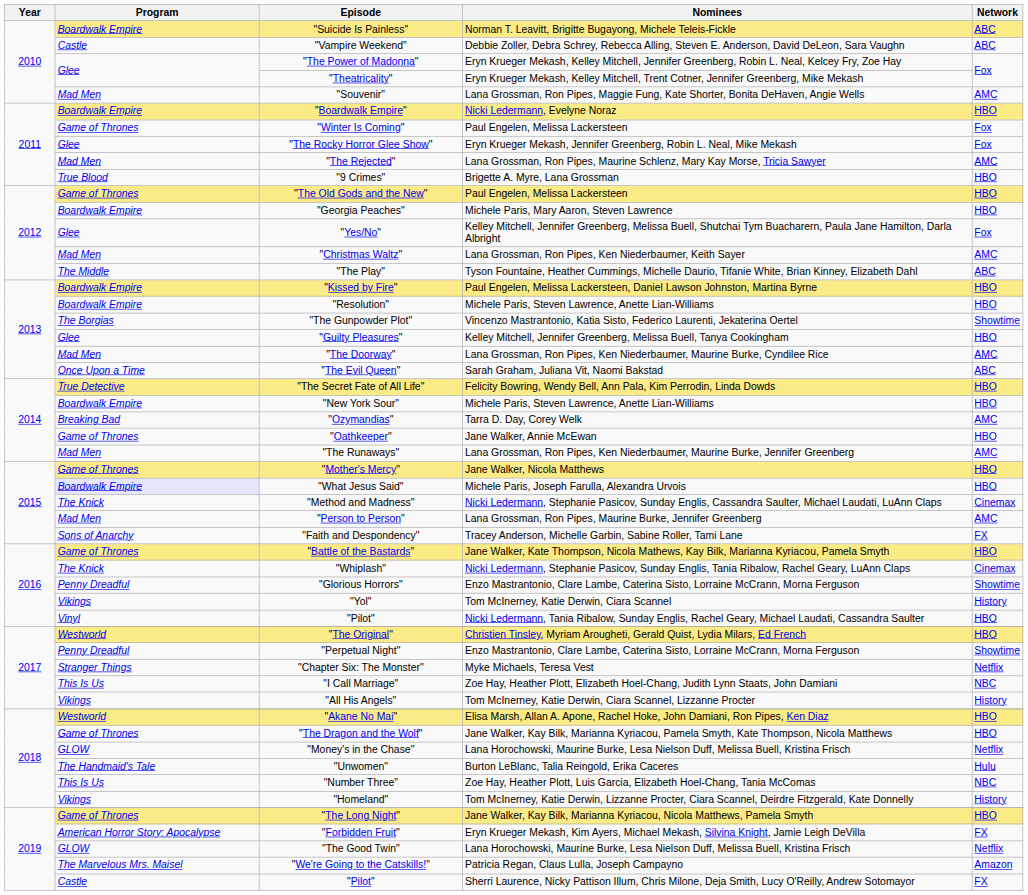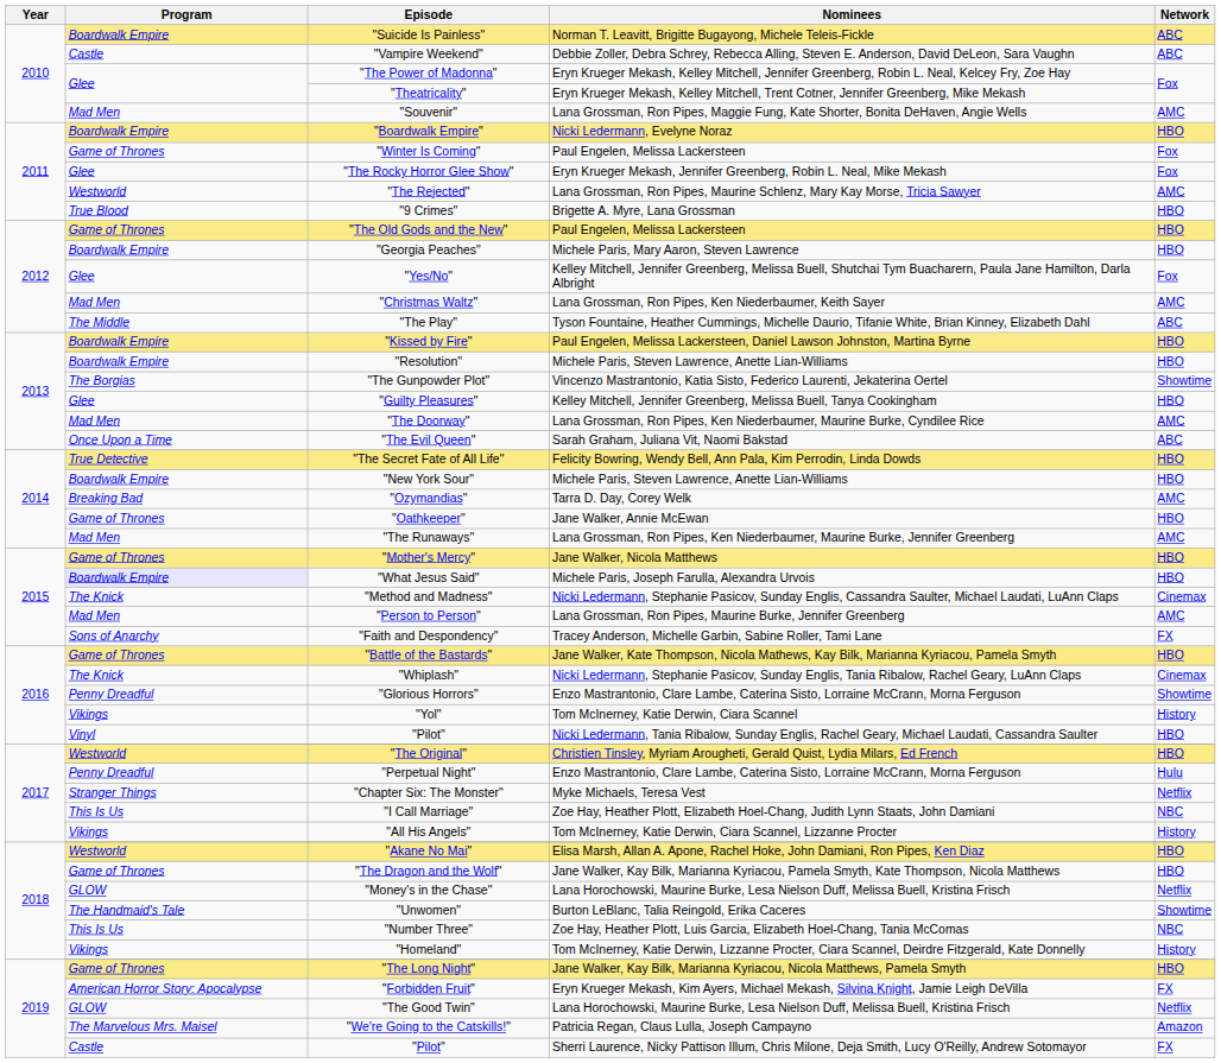 <table class="wikitable">
 <tr>
 <th width="5%">Year</th>
 <th width="20%">Program</th>
 <th width="20%">Episode</th>
 <th width="50%">Nominees</th>
 <th width="5%">Network</th>
 </tr>
 <tr>
 <td rowspan="5" style="text-align:center;"><a href='#'>2010</a><br></td>
 <td style="background:#FAEB86;"><em><a href='#'>Boardwalk Empire</a></em></td>
 <td style="background:#FAEB86;" align=center>"Suicide Is Painless"</td>
 <td style="background:#FAEB86;">Norman T. Leavitt, Brigitte Bugayong, Michele Teleis-Fickle</td>
 <td style="background:#FAEB86;"><a href='#'>ABC</a></td>
 </tr>
 <tr>
 <td><em><a href='#'>Castle</a></em></td>
 <td align=center>"Vampire Weekend"</td>
 <td>Debbie Zoller, Debra Schrey, Rebecca Alling, Steven E. Anderson, David DeLeon, Sara Vaughn</td>
 <td><a href='#'>ABC</a></td>
 </tr>
 <tr>
 <td rowspan=2><em><a href='#'>Glee</a></em></td>
 <td align=center>"<a href='#'>The Power of Madonna</a>"</td>
 <td>Eryn Krueger Mekash, Kelley Mitchell, Jennifer Greenberg, Robin L. Neal, Kelcey Fry, Zoe Hay</td>
 <td rowspan=2><a href='#'>Fox</a></td>
 </tr>
 <tr>
 <td align=center>"<a href='#'>Theatricality</a>"</td>
 <td>Eryn Krueger Mekash, Kelley Mitchell, Trent Cotner, Jennifer Greenberg, Mike Mekash</td>
 </tr>
 <tr>
 <td><em><a href='#'>Mad Men</a></em></td>
 <td align=center>"Souvenir"</td>
 <td>Lana Grossman, Ron Pipes, Maggie Fung, Kate Shorter, Bonita DeHaven, Angie Wells</td>
 <td><a href='#'>AMC</a></td>
 </tr>
 <tr>
 <td rowspan="5" style="text-align:center;"><a href='#'>2011</a><br></td>
 <td style="background:#FAEB86;"><em><a href='#'>Boardwalk Empire</a></em></td>
 <td style="background:#FAEB86;" align=center>"<a href='#'>Boardwalk Empire</a>"</td>
 <td style="background:#FAEB86;"><a href='#'>Nicki Ledermann</a>, Evelyne Noraz</td>
 <td style="background:#FAEB86;"><a href='#'>HBO</a></td>
 </tr>
 <tr>
 <td><em><a href='#'>Game of Thrones</a></em></td>
 <td align=center>"<a href='#'>Winter Is Coming</a>"</td>
 <td>Paul Engelen, Melissa Lackersteen</td>
 <td><a href='#'>Fox</a></td>
 </tr>
 <tr>
 <td><em><a href='#'>Glee</a></em></td>
 <td align=center>"<a href='#'>The Rocky Horror Glee Show</a>"</td>
 <td>Eryn Krueger Mekash, Jennifer Greenberg, Robin L. Neal, Mike Mekash</td>
 <td><a href='#'>Fox</a></td>
 </tr>
 <tr>
-<td><em><a href='#'>Mad Men</a></em></td>
+<td><em><a href='#'>Westworld</a></em></td>
 <td align=center>"<a href='#'>The Rejected</a>"</td>
 <td>Lana Grossman, Ron Pipes, Maurine Schlenz, Mary Kay Morse, <a href='#'>Tricia Sawyer</a></td>
 <td><a href='#'>AMC</a></td>
 </tr>
 <tr>
 <td><em><a href='#'>True Blood</a></em></td>
 <td align=center>"9 Crimes"</td>
 <td>Brigette A. Myre, Lana Grossman</td>
 <td><a href='#'>HBO</a></td>
 </tr>
 <tr>
 <td rowspan="5" style="text-align:center;"><a href='#'>2012</a><br></td>
 <td style="background:#FAEB86;"><em><a href='#'>Game of Thrones</a></em></td>
 <td style="background:#FAEB86;" align=center>"<a href='#'>The Old Gods and the New</a>"</td>
 <td style="background:#FAEB86;">Paul Engelen, Melissa Lackersteen</td>
 <td style="background:#FAEB86;"><a href='#'>HBO</a></td>
 </tr>
 <tr>
 <td><em><a href='#'>Boardwalk Empire</a></em></td>
 <td align=center>"Georgia Peaches"</td>
 <td>Michele Paris, Mary Aaron, Steven Lawrence</td>
 <td><a href='#'>HBO</a></td>
 </tr>
 <tr>
 <td><em><a href='#'>Glee</a></em></td>
 <td align=center>"<a href='#'>Yes/No</a>"</td>
 <td>Kelley Mitchell, Jennifer Greenberg, Melissa Buell, Shutchai Tym Buacharern, Paula Jane Hamilton, Darla Albright</td>
 <td><a href='#'>Fox</a></td>
 </tr>
 <tr>
 <td><em><a href='#'>Mad Men</a></em></td>
 <td align=center>"<a href='#'>Christmas Waltz</a>"</td>
 <td>Lana Grossman, Ron Pipes, Ken Niederbaumer, Keith Sayer</td>
 <td><a href='#'>AMC</a></td>
 </tr>
 <tr>
 <td><em><a href='#'>The Middle</a></em></td>
 <td align=center>"The Play"</td>
 <td>Tyson Fountaine, Heather Cummings, Michelle Daurio, Tifanie White, Brian Kinney, Elizabeth Dahl</td>
 <td><a href='#'>ABC</a></td>
 </tr>
 <tr>
 <td rowspan="6" style="text-align:center;"><a href='#'>2013</a><br></td>
 <td style="background:#FAEB86;"><em><a href='#'>Boardwalk Empire</a></em></td>
 <td style="background:#FAEB86;" align=center>"<a href='#'>Kissed by Fire</a>"</td>
 <td style="background:#FAEB86;">Paul Engelen, Melissa Lackersteen, Daniel Lawson Johnston, Martina Byrne</td>
 <td style="background:#FAEB86;"><a href='#'>HBO</a></td>
 </tr>
 <tr>
 <td><em><a href='#'>Boardwalk Empire</a></em></td>
 <td align=center>"Resolution"</td>
 <td>Michele Paris, Steven Lawrence, Anette Lian-Williams</td>
 <td><a href='#'>HBO</a></td>
 </tr>
 <tr>
 <td><em><a href='#'>The Borgias</a></em></td>
 <td align=center>"The Gunpowder Plot"</td>
 <td>Vincenzo Mastrantonio, Katia Sisto, Federico Laurenti, Jekaterina Oertel</td>
 <td><a href='#'>Showtime</a></td>
 </tr>
 <tr>
 <td><em><a href='#'>Glee</a></em></td>
 <td align=center>"<a href='#'>Guilty Pleasures</a>"</td>
 <td>Kelley Mitchell, Jennifer Greenberg, Melissa Buell, Tanya Cookingham</td>
 <td><a href='#'>HBO</a></td>
 </tr>
 <tr>
 <td><em><a href='#'>Mad Men</a></em></td>
 <td align=center>"<a href='#'>The Doorway</a>"</td>
 <td>Lana Grossman, Ron Pipes, Ken Niederbaumer, Maurine Burke, Cyndilee Rice</td>
 <td><a href='#'>AMC</a></td>
 </tr>
 <tr>
 <td><em><a href='#'>Once Upon a Time</a></em></td>
 <td align=center>"<a href='#'>The Evil Queen</a>"</td>
 <td>Sarah Graham, Juliana Vit, Naomi Bakstad</td>
 <td><a href='#'>ABC</a></td>
 </tr>
 <tr>
 <td rowspan="5" style="text-align:center;"><a href='#'>2014</a><br></td>
 <td style="background:#FAEB86;"><em><a href='#'>True Detective</a></em></td>
 <td style="background:#FAEB86;" align=center>"The Secret Fate of All Life"</td>
 <td style="background:#FAEB86;">Felicity Bowring, Wendy Bell, Ann Pala, Kim Perrodin, Linda Dowds</td>
 <td style="background:#FAEB86;"><a href='#'>HBO</a></td>
 </tr>
 <tr>
 <td><em><a href='#'>Boardwalk Empire</a></em></td>
 <td align=center>"New York Sour"</td>
 <td>Michele Paris, Steven Lawrence, Anette Lian-Williams</td>
 <td><a href='#'>HBO</a></td>
 </tr>
 <tr>
 <td><em><a href='#'>Breaking Bad</a></em></td>
 <td align=center>"<a href='#'>Ozymandias</a>"</td>
 <td>Tarra D. Day, Corey Welk</td>
 <td><a href='#'>AMC</a></td>
 </tr>
 <tr>
 <td><em><a href='#'>Game of Thrones</a></em></td>
 <td align=center>"<a href='#'>Oathkeeper</a>"</td>
 <td>Jane Walker, Annie McEwan</td>
 <td><a href='#'>HBO</a></td>
 </tr>
 <tr>
 <td><em><a href='#'>Mad Men</a></em></td>
 <td align=center>"The Runaways"</td>
 <td>Lana Grossman, Ron Pipes, Ken Niederbaumer, Maurine Burke, Jennifer Greenberg</td>
 <td><a href='#'>AMC</a></td>
 </tr>
 <tr>
 <td rowspan="5" style="text-align:center;"><a href='#'>2015</a><br></td>
 <td style="background:#FAEB86;"><em><a href='#'>Game of Thrones</a></em></td>
 <td style="background:#FAEB86;" align=center>"<a href='#'>Mother's Mercy</a>"</td>
 <td style="background:#FAEB86;">Jane Walker, Nicola Matthews</td>
 <td style="background:#FAEB86;"><a href='#'>HBO</a></td>
 </tr>
 <tr>
 <td style="background: lavender;"><em><a href='#'>Boardwalk Empire</a></em></td>
 <td align=center>"What Jesus Said"</td>
 <td>Michele Paris, Joseph Farulla, Alexandra Urvois</td>
 <td><a href='#'>HBO</a></td>
 </tr>
 <tr>
 <td><em><a href='#'>The Knick</a></em></td>
 <td align=center>"Method and Madness"</td>
 <td><a href='#'>Nicki Ledermann</a>, Stephanie Pasicov, Sunday Englis, Cassandra Saulter, Michael Laudati, LuAnn Claps</td>
 <td><a href='#'>Cinemax</a></td>
 </tr>
 <tr>
 <td><em><a href='#'>Mad Men</a></em></td>
 <td align=center>"<a href='#'>Person to Person</a>"</td>
 <td>Lana Grossman, Ron Pipes, Maurine Burke, Jennifer Greenberg</td>
 <td><a href='#'>AMC</a></td>
 </tr>
 <tr>
 <td><em><a href='#'>Sons of Anarchy</a></em></td>
 <td align=center>"Faith and Despondency"</td>
 <td>Tracey Anderson, Michelle Garbin, Sabine Roller, Tami Lane</td>
 <td><a href='#'>FX</a></td>
 </tr>
 <tr>
 <td rowspan="5" style="text-align:center;"><a href='#'>2016</a><br></td>
 <td style="background:#FAEB86;"><em><a href='#'>Game of Thrones</a></em></td>
 <td style="background:#FAEB86;" align=center>"<a href='#'>Battle of the Bastards</a>"</td>
 <td style="background:#FAEB86;">Jane Walker, Kate Thompson, Nicola Mathews, Kay Bilk, Marianna Kyriacou, Pamela Smyth</td>
 <td style="background:#FAEB86;"><a href='#'>HBO</a></td>
 </tr>
 <tr>
 <td><em><a href='#'>The Knick</a></em></td>
 <td align=center>"Whiplash"</td>
 <td><a href='#'>Nicki Ledermann</a>, Stephanie Pasicov, Sunday Englis, Tania Ribalow, Rachel Geary, LuAnn Claps</td>
 <td><a href='#'>Cinemax</a></td>
 </tr>
 <tr>
 <td><em><a href='#'>Penny Dreadful</a></em></td>
 <td align=center>"Glorious Horrors"</td>
 <td>Enzo Mastrantonio, Clare Lambe, Caterina Sisto, Lorraine McCrann, Morna Ferguson</td>
 <td><a href='#'>Showtime</a></td>
 </tr>
 <tr>
 <td><em><a href='#'>Vikings</a></em></td>
 <td align=center>"Yol"</td>
 <td>Tom McInerney, Katie Derwin, Ciara Scannel</td>
 <td><a href='#'>History</a></td>
 </tr>
 <tr>
 <td><em><a href='#'>Vinyl</a></em></td>
 <td align=center>"Pilot"</td>
 <td><a href='#'>Nicki Ledermann</a>, Tania Ribalow, Sunday Englis, Rachel Geary, Michael Laudati, Cassandra Saulter</td>
 <td><a href='#'>HBO</a></td>
 </tr>
 <tr>
 <td rowspan="6" style="text-align:center;"><a href='#'>2017</a><br></td>
 </tr>
 <tr style="background:#FAEB86;">
 <td><em><a href='#'>Westworld</a></em></td>
 <td align=center>"<a href='#'>The Original</a>"</td>
 <td><a href='#'>Christien Tinsley</a>, Myriam Arougheti, Gerald Quist, Lydia Milars, <a href='#'>Ed French</a></td>
 <td><a href='#'>HBO</a></td>
 </tr>
 <tr>
 <td><em><a href='#'>Penny Dreadful</a></em></td>
 <td align=center>"Perpetual Night"</td>
 <td>Enzo Mastrantonio, Clare Lambe, Caterina Sisto, Lorraine McCrann, Morna Ferguson</td>
-<td><a href='#'>Showtime</a></td>
+<td><a href='#'>Hulu</a></td>
 </tr>
 <tr>
 <td><em><a href='#'>Stranger Things</a></em></td>
 <td align=center>"Chapter Six: The Monster"</td>
 <td>Myke Michaels, Teresa Vest</td>
 <td><a href='#'>Netflix</a></td>
 </tr>
 <tr>
 <td><em><a href='#'>This Is Us</a></em></td>
 <td align=center>"I Call Marriage"</td>
 <td>Zoe Hay, Heather Plott, Elizabeth Hoel-Chang, Judith Lynn Staats, John Damiani</td>
 <td><a href='#'>NBC</a></td>
 </tr>
 <tr>
 <td><em><a href='#'>Vikings</a></em></td>
 <td align=center>"All His Angels"</td>
 <td>Tom McInerney, Katie Derwin, Ciara Scannel, Lizzanne Procter</td>
 <td><a href='#'>History</a></td>
 </tr>
 <tr>
 <td rowspan="7" style="text-align:center;"><a href='#'>2018</a><br></td>
 </tr>
 <tr style="background:#FAEB86;">
 <td><em><a href='#'>Westworld</a></em></td>
 <td align=center>"<a href='#'>Akane No Mai</a>"</td>
 <td>Elisa Marsh, Allan A. Apone, Rachel Hoke, John Damiani, Ron Pipes, <a href='#'>Ken Diaz</a></td>
 <td><a href='#'>HBO</a></td>
 </tr>
 <tr>
 <td><em><a href='#'>Game of Thrones</a></em></td>
 <td align=center>"<a href='#'>The Dragon and the Wolf</a>"</td>
 <td>Jane Walker, Kay Bilk, Marianna Kyriacou, Pamela Smyth, Kate Thompson, Nicola Matthews</td>
 <td><a href='#'>HBO</a></td>
 </tr>
 <tr>
 <td><em><a href='#'>GLOW</a></em></td>
 <td align=center>"Money's in the Chase"</td>
 <td>Lana Horochowski, Maurine Burke, Lesa Nielson Duff, Melissa Buell, Kristina Frisch</td>
 <td><a href='#'>Netflix</a></td>
 </tr>
 <tr>
 <td><em><a href='#'>The Handmaid's Tale</a></em></td>
 <td align=center>"Unwomen"</td>
 <td>Burton LeBlanc, Talia Reingold, Erika Caceres</td>
-<td><a href='#'>Hulu</a></td>
+<td><a href='#'>Showtime</a></td>
 </tr>
 <tr>
 <td><em><a href='#'>This Is Us</a></em></td>
 <td align=center>"Number Three"</td>
 <td>Zoe Hay, Heather Plott, Luis Garcia, Elizabeth Hoel-Chang, Tania McComas</td>
 <td><a href='#'>NBC</a></td>
 </tr>
 <tr>
 <td><em><a href='#'>Vikings</a></em></td>
 <td align=center>"Homeland"</td>
 <td>Tom McInerney, Katie Derwin, Lizzanne Procter, Ciara Scannel, Deirdre Fitzgerald, Kate Donnelly</td>
 <td><a href='#'>History</a></td>
 </tr>
 <tr>
 <td rowspan="6" style="text-align:center;"><a href='#'>2019</a><br></td>
 </tr>
 <tr style="background:#FAEB86;">
 <td><em><a href='#'>Game of Thrones</a></em></td>
 <td align=center>"<a href='#'>The Long Night</a>"</td>
 <td>Jane Walker, Kay Bilk, Marianna Kyriacou, Nicola Matthews, Pamela Smyth</td>
 <td><a href='#'>HBO</a></td>
 </tr>
 <tr>
 <td><em><a href='#'>American Horror Story: Apocalypse</a></em></td>
 <td align=center>"<a href='#'>Forbidden Fruit</a>"</td>
 <td>Eryn Krueger Mekash, Kim Ayers, Michael Mekash, <a href='#'>Silvina Knight</a>, Jamie Leigh DeVilla</td>
 <td><a href='#'>FX</a></td>
 </tr>
 <tr>
 <td><em><a href='#'>GLOW</a></em></td>
 <td align=center>"The Good Twin"</td>
 <td>Lana Horochowski, Maurine Burke, Lesa Nielson Duff, Melissa Buell, Kristina Frisch</td>
 <td><a href='#'>Netflix</a></td>
 </tr>
 <tr>
 <td><em><a href='#'>The Marvelous Mrs. Maisel</a></em></td>
 <td align=center>"<a href='#'>We're Going to the Catskills!</a>"</td>
 <td>Patricia Regan, Claus Lulla, Joseph Campayno</td>
 <td><a href='#'>Amazon</a></td>
 </tr>
 <tr>
 <td><em><a href='#'>Castle</a></em></td>
 <td align=center>"<a href='#'>Pilot</a>"</td>
 <td>Sherri Laurence, Nicky Pattison Illum, Chris Milone, Deja Smith, Lucy O'Reilly, Andrew Sotomayor</td>
 <td><a href='#'>FX</a></td>
 </tr>
 </table>
